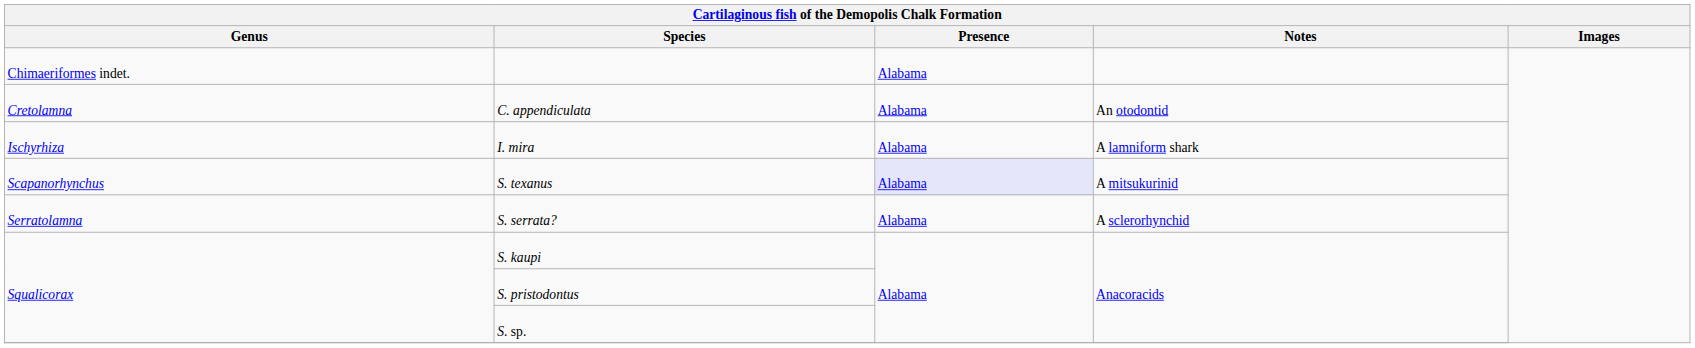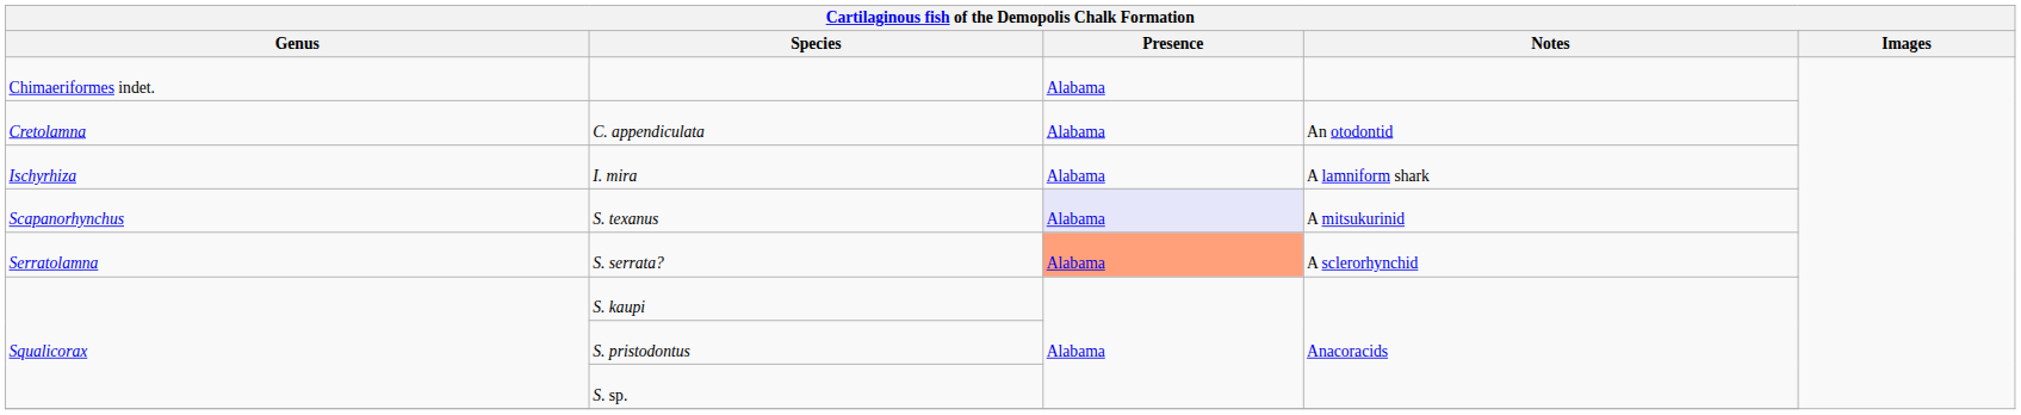 <table class="wikitable" align="center" width="100%">
 <tr>
 <th colspan="5" align="center"><strong><a href='#'>Cartilaginous fish</a> of the Demopolis Chalk Formation</strong></th>
 </tr>
 <tr>
 <th>Genus</th>
 <th>Species</th>
 <th>Presence</th>
 <th>Notes</th>
 <th>Images</th>
 </tr>
 <tr>
 <td><br><a href='#'>Chimaeriformes</a> indet.</td>
 <td></td>
 <td><br><a href='#'>Alabama</a></td>
 <td></td>
 <td rowspan="99"><br>  </td>
 </tr>
 <tr>
 <td><br><em><a href='#'>Cretolamna</a></em></td>
 <td><br><em>C. appendiculata</em></td>
 <td><br><a href='#'>Alabama</a></td>
 <td><br>An <a href='#'>otodontid</a></td>
 </tr>
 <tr>
 <td><br><em><a href='#'>Ischyrhiza</a></em></td>
 <td><br><em>I. mira</em></td>
 <td><br><a href='#'>Alabama</a></td>
 <td><br>A <a href='#'>lamniform</a> shark</td>
 </tr>
 <tr>
 <td><br><em><a href='#'>Scapanorhynchus</a></em></td>
 <td><br><em>S. texanus</em></td>
 <td style="background: lavender;"><br><a href='#'>Alabama</a></td>
 <td><br>A <a href='#'>mitsukurinid</a></td>
 </tr>
 <tr>
 <td><br><em><a href='#'>Serratolamna</a></em></td>
 <td><br><em>S. serrata?</em></td>
-<td><br><a href='#'>Alabama</a></td>
+<td style="background: lightsalmon;"><br><a href='#'>Alabama</a></td>
 <td><br>A <a href='#'>sclerorhynchid</a></td>
 </tr>
 <tr>
 <td rowspan="3"><br><em><a href='#'>Squalicorax</a></em></td>
 <td><br><em>S. kaupi</em></td>
 <td rowspan="3"><br><a href='#'>Alabama</a></td>
 <td rowspan="3"><br><a href='#'>Anacoracids</a></td>
 </tr>
 <tr>
 <td><br><em>S. pristodontus</em></td>
 </tr>
 <tr>
 <td><br><em>S</em>. sp.</td>
 </tr>
 <tr>
 </tr>
 </table>
